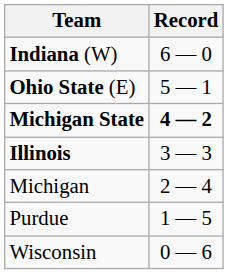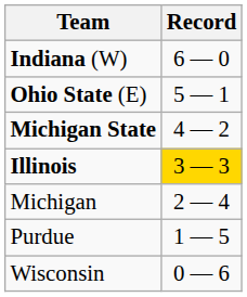 <table class="wikitable" style="text-align:center;">
 <tr>
 <th>Team</th>
 <th>Record</th>
 </tr>
 <tr>
 <td style="text-align:left"><strong>Indiana</strong> (W)</td>
 <td>6 — 0</td>
 </tr>
 <tr>
 <td style="text-align:left"><strong>Ohio State</strong> (E)</td>
 <td>5 — 1</td>
 </tr>
 <tr>
 <td style="text-align:left"><strong>Michigan State</strong></td>
-<td><strong>4 — 2</strong></td>
+<td>4 — 2</td>
 </tr>
 <tr>
 <td style="text-align:left"><strong>Illinois</strong></td>
-<td>3 — 3</td>
+<td style="background: gold;">3 — 3</td>
 </tr>
 <tr>
 <td style="text-align:left">Michigan</td>
 <td>2 — 4</td>
 </tr>
 <tr>
 <td style="text-align:left">Purdue</td>
 <td>1 — 5</td>
 </tr>
 <tr>
 <td style="text-align:left">Wisconsin</td>
 <td>0 — 6</td>
 </tr>
 </table>
